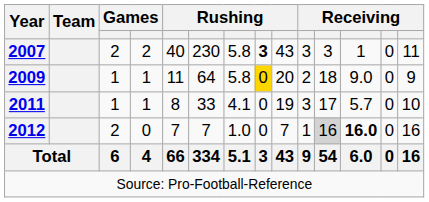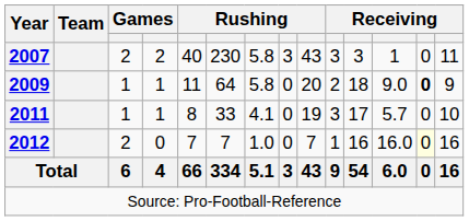 <table class="wikitable" style="text-align: center;">
 <tr>
 <th rowspan=2>Year</th>
 <th rowspan=2>Team</th>
 <th colspan=2>Games</th>
 <th colspan=5>Rushing</th>
 <th colspan=5>Receiving</th>
 </tr>
 <tr>
 <th></th>
 <th></th>
 <th></th>
 <th></th>
 <th></th>
 <th></th>
 <th></th>
 <th></th>
 <th></th>
 <th></th>
 <th></th>
 <th></th>
 </tr>
 <tr>
 <th><a href='#'>2007</a></th>
 <th><a href='#'></a></th>
 <td>2</td>
 <td>2</td>
 <td>40</td>
 <td>230</td>
 <td>5.8</td>
-<td><strong>3</strong></td>
+<td>3</td>
 <td>43</td>
 <td>3</td>
 <td>3</td>
 <td>1</td>
 <td>0</td>
 <td>11</td>
 </tr>
 <tr>
 <th><a href='#'>2009</a></th>
 <th><a href='#'></a></th>
 <td>1</td>
 <td>1</td>
 <td>11</td>
 <td>64</td>
 <td>5.8</td>
-<td style="background: gold;">0</td>
+<td>0</td>
 <td>20</td>
 <td>2</td>
 <td>18</td>
 <td>9.0</td>
-<td>0</td>
+<td><strong>0</strong></td>
 <td>9</td>
 </tr>
 <tr>
 <th><a href='#'>2011</a></th>
 <th><a href='#'></a></th>
 <td>1</td>
 <td>1</td>
 <td>8</td>
 <td>33</td>
 <td>4.1</td>
 <td>0</td>
 <td>19</td>
 <td>3</td>
 <td>17</td>
 <td>5.7</td>
 <td>0</td>
 <td>10</td>
 </tr>
 <tr>
 <th><a href='#'>2012</a></th>
 <th><a href='#'></a></th>
 <td>2</td>
 <td>0</td>
 <td>7</td>
 <td>7</td>
 <td>1.0</td>
 <td>0</td>
 <td>7</td>
 <td>1</td>
-<td style="background: lightgrey;">16</td>
-<td><strong>16.0</strong></td>
-<td>0</td>
+<td>16</td>
+<td>16.0</td>
+<td style="background: lightyellow;">0</td>
 <td>16</td>
 </tr>
 <tr>
 <th colspan=2>Total</th>
 <th>6</th>
 <th>4</th>
 <th>66</th>
 <th>334</th>
 <th>5.1</th>
 <th>3</th>
 <th>43</th>
 <th>9</th>
 <th>54</th>
 <th>6.0</th>
 <th>0</th>
 <th>16</th>
 </tr>
 <tr>
 <td colspan=14><small>Source: Pro-Football-Reference</small></td>
 </tr>
 </table>
